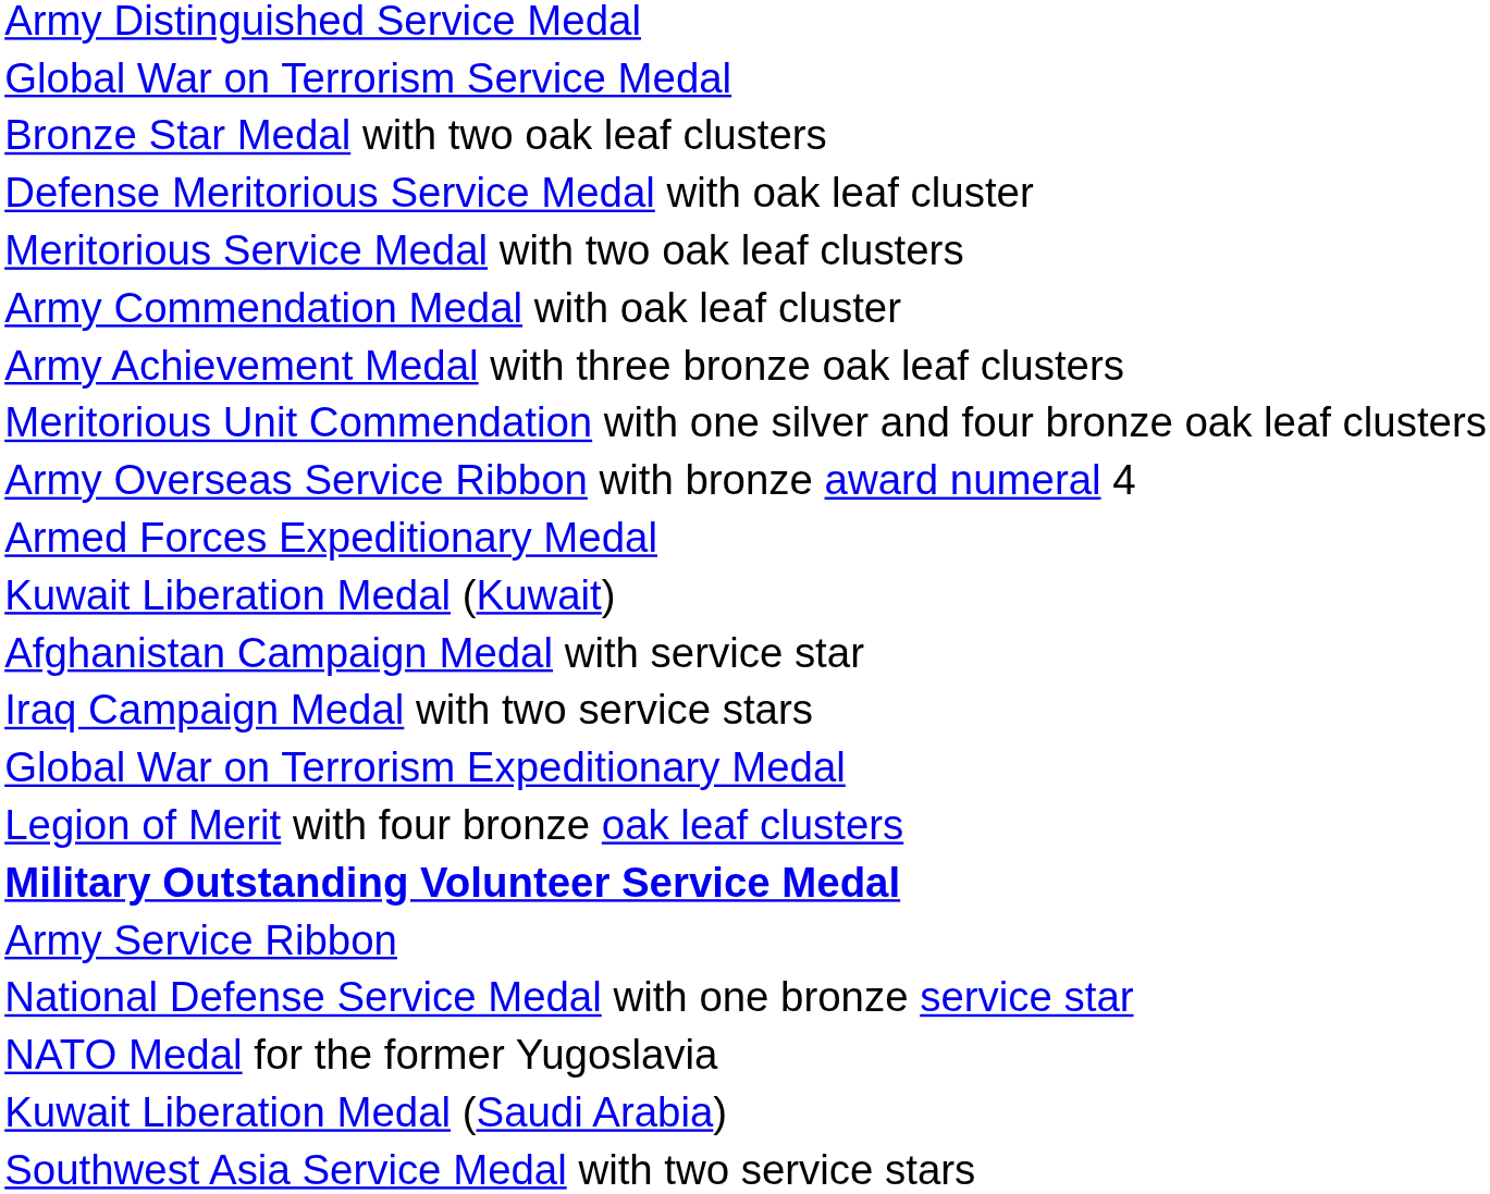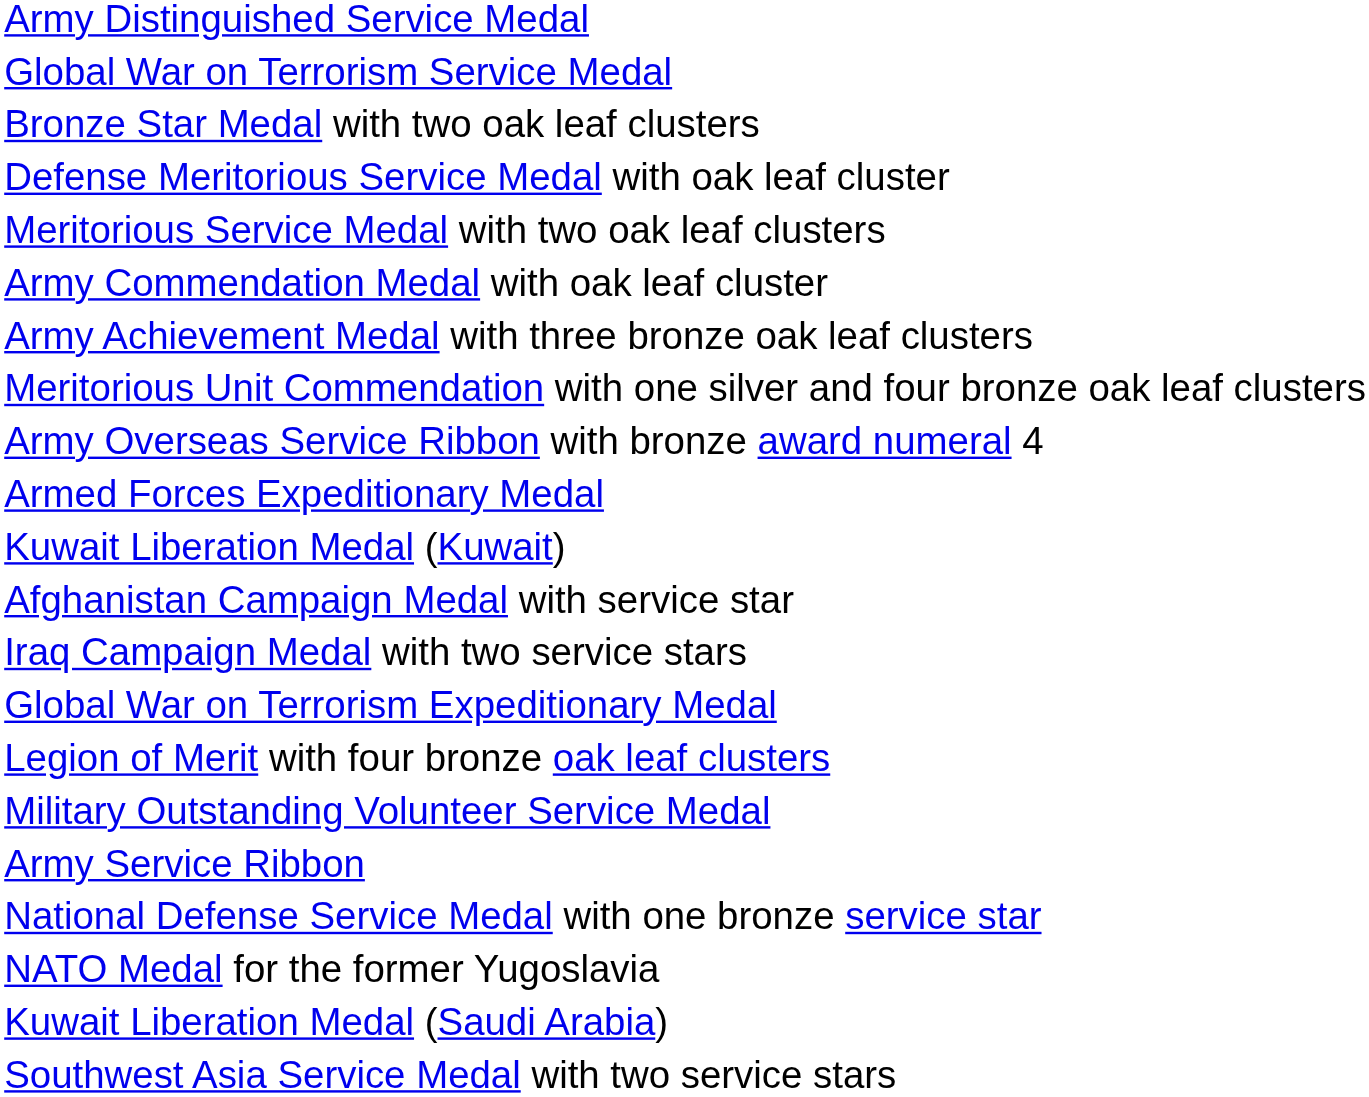 <table>
 <tr>
 <td> <a href='#'>Army Distinguished Service Medal</a></td>
 </tr>
 <tr>
 <td> <a href='#'>Global War on Terrorism Service Medal</a></td>
 </tr>
 <tr>
 <td><span></span><span></span> <a href='#'>Bronze Star Medal</a> with two oak leaf clusters</td>
 </tr>
 <tr>
 <td> <a href='#'>Defense Meritorious Service Medal</a> with oak leaf cluster</td>
 </tr>
 <tr>
 <td><span></span><span></span> <a href='#'>Meritorious Service Medal</a> with two oak leaf clusters</td>
 </tr>
 <tr>
 <td> <a href='#'>Army Commendation Medal</a> with oak leaf cluster</td>
 </tr>
 <tr>
 <td><span></span><span></span><span></span> <a href='#'>Army Achievement Medal</a> with three bronze oak leaf clusters</td>
 </tr>
 <tr>
 <td><span></span><span></span><span></span><span></span><span></span> <a href='#'>Meritorious Unit Commendation</a> with one silver and four bronze oak leaf clusters</td>
 </tr>
 <tr>
 <td><span></span> <a href='#'>Army Overseas Service Ribbon</a> with bronze <a href='#'>award numeral</a> 4</td>
 </tr>
 <tr>
 <td> <a href='#'>Armed Forces Expeditionary Medal</a></td>
 </tr>
 <tr>
 <td> <a href='#'>Kuwait Liberation Medal</a> (<a href='#'>Kuwait</a>)</td>
 </tr>
 <tr>
 <td> <a href='#'>Afghanistan Campaign Medal</a> with service star</td>
 </tr>
 <tr>
 <td><span></span><span></span> <a href='#'>Iraq Campaign Medal</a> with two service stars</td>
 </tr>
 <tr>
 <td> <a href='#'>Global War on Terrorism Expeditionary Medal</a></td>
 </tr>
 <tr>
 <td><span></span><span></span><span></span><span></span> <a href='#'>Legion of Merit</a> with four bronze <a href='#'>oak leaf clusters</a></td>
 </tr>
 <tr>
-<td><strong> <a href='#'>Military Outstanding Volunteer Service Medal</a></strong></td>
+<td> <a href='#'>Military Outstanding Volunteer Service Medal</a></td>
 </tr>
 <tr>
 <td> <a href='#'>Army Service Ribbon</a></td>
 </tr>
 <tr>
 <td> <a href='#'>National Defense Service Medal</a> with one bronze <a href='#'>service star</a></td>
 </tr>
 <tr>
 <td> <a href='#'>NATO Medal</a> for the former Yugoslavia</td>
 </tr>
 <tr>
 <td> <a href='#'>Kuwait Liberation Medal</a> (<a href='#'>Saudi Arabia</a>)</td>
 </tr>
 <tr>
 <td><span></span><span></span> <a href='#'>Southwest Asia Service Medal</a> with two service stars</td>
 </tr>
 </table>
